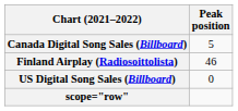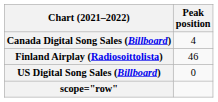 <table class="wikitable sortable plainrowheaders" style="text-align:center">
 <tr>
 <th align="left">Chart (2021–2022)</th>
 <th align="center">Peak<br>position</th>
 </tr>
 <tr>
 <th scope="row">Canada Digital Song Sales (<em><a href='#'>Billboard</a></em>)</th>
-<td align="center">5</td>
+<td align="center">4</td>
 </tr>
 <tr>
 <th scope="row">Finland Airplay (<a href='#'>Radiosoittolista</a>)</th>
 <td>46</td>
 </tr>
 <tr>
 <th scope="row">US Digital Song Sales (<em><a href='#'>Billboard</a></em>)</th>
 <td align="center">0</td>
 </tr>
 <tr>
 <th>scope="row"</th>
 </tr>
 </table>
